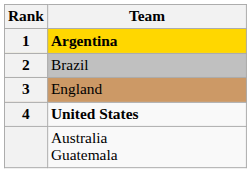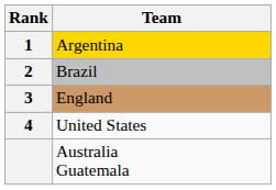 <table class="wikitable">
 <tr>
 <th>Rank</th>
 <th width=200px>Team</th>
 </tr>
 <tr bgcolor=gold>
 <th>1</th>
-<td><strong> Argentina</strong></td>
+<td> Argentina</td>
 </tr>
 <tr bgcolor=silver>
 <th>2</th>
 <td> Brazil</td>
 </tr>
 <tr bgcolor=cc9966>
 <th>3</th>
 <td> England</td>
 </tr>
 <tr>
 <th>4</th>
-<td><strong> United States</strong></td>
+<td> United States</td>
 </tr>
 <tr>
 <th rowspan=2></th>
 <td> Australia<br> Guatemala</td>
 </tr>
 </table>
